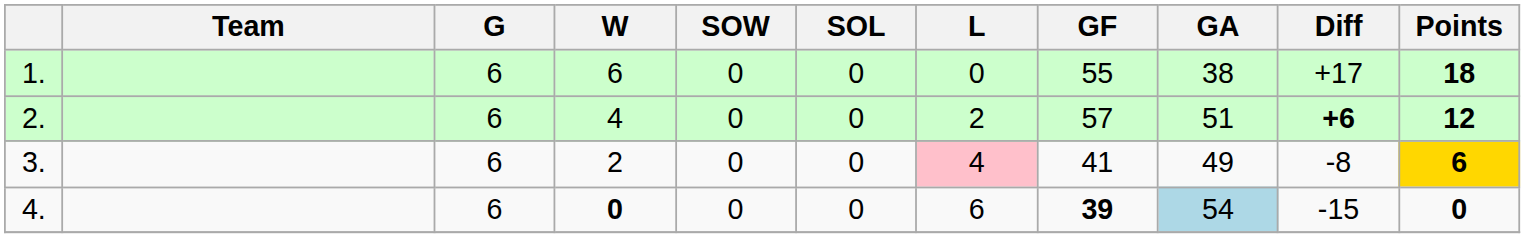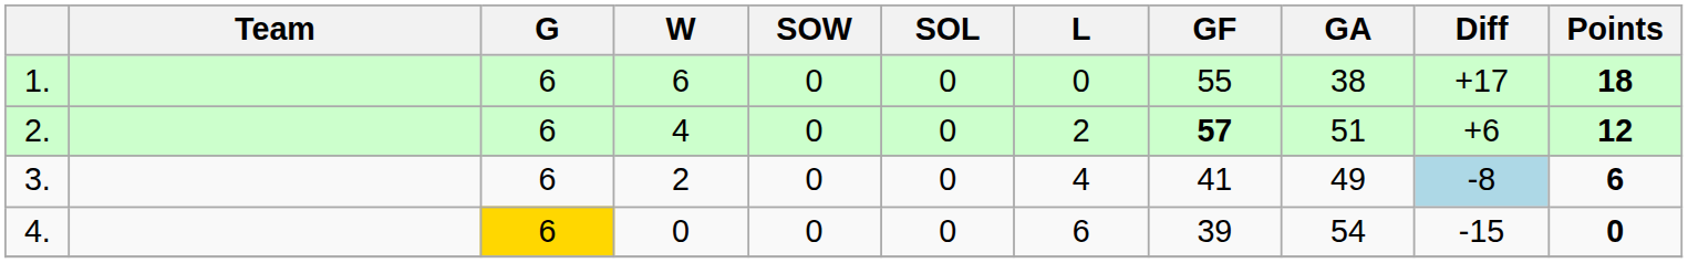 <table class=wikitable style="text-align:center">
 <tr bgcolor="#DCDCDC">
 <th width="25"></th>
 <th width="200">Team</th>
 <th width="60">G</th>
 <th width="60">W</th>
 <th width="60">SOW</th>
 <th width="60">SOL</th>
 <th width="60">L</th>
 <th width="60">GF</th>
 <th width="60">GA</th>
 <th width="60">Diff</th>
 <th width="60">Points</th>
 </tr>
 <tr bgcolor="ccffcc">
 <td>1.</td>
 <td align="left"></td>
 <td>6</td>
 <td>6</td>
 <td>0</td>
 <td>0</td>
 <td>0</td>
 <td>55</td>
 <td>38</td>
 <td>+17</td>
 <td><strong>18</strong></td>
 </tr>
 <tr bgcolor="ccffcc">
 <td>2.</td>
 <td align="left"></td>
 <td>6</td>
 <td>4</td>
 <td>0</td>
 <td>0</td>
 <td>2</td>
-<td>57</td>
+<td><strong>57</strong></td>
 <td>51</td>
-<td><strong>+6</strong></td>
+<td>+6</td>
 <td><strong>12</strong></td>
 </tr>
 <tr>
 <td>3.</td>
 <td align=left></td>
 <td>6</td>
 <td>2</td>
 <td>0</td>
 <td>0</td>
-<td style="background: pink;">4</td>
+<td>4</td>
 <td>41</td>
 <td>49</td>
-<td>-8</td>
-<td style="background: gold;"><strong>6</strong></td>
+<td style="background: lightblue;">-8</td>
+<td><strong>6</strong></td>
 </tr>
 <tr>
 <td>4.</td>
 <td align=left></td>
-<td>6</td>
-<td><strong>0</strong></td>
+<td style="background: gold;">6</td>
+<td>0</td>
 <td>0</td>
 <td>0</td>
 <td>6</td>
-<td><strong>39</strong></td>
-<td style="background: lightblue;">54</td>
+<td>39</td>
+<td>54</td>
 <td>-15</td>
 <td><strong>0</strong></td>
 </tr>
 <tr>
 </tr>
 </table>
